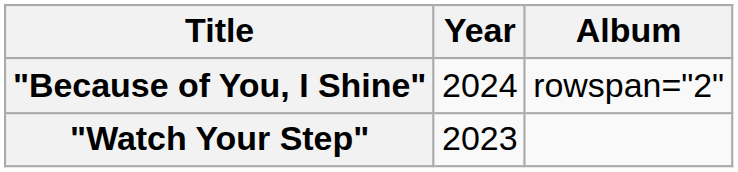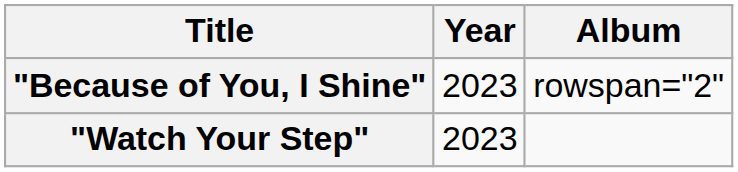 <table class="wikitable plainrowheaders" style="text-align:center;">
 <tr>
 <th scope="col">Title</th>
 <th scope="col">Year</th>
 <th scope="col">Album</th>
 </tr>
 <tr>
 <th scope="row">"Because of You, I Shine"</th>
-<td>2024</td>
+<td>2023</td>
 <td>rowspan="2" </td>
 </tr>
 <tr>
 <th scope="row">"Watch Your Step"</th>
 <td>2023</td>
 </tr>
 </table>
